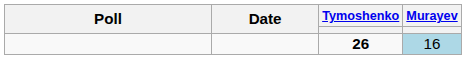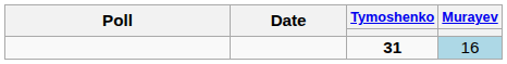 <table class="wikitable" style="text-align:center;font-size:95%;line-height:14px;">
 <tr>
 <th rowspan=2 style="width:200px;">Poll</th>
 <th rowspan=2 style="width:100px;">Date</th>
 <th><small><a href='#'>Tymoshenko</a></small><br></th>
 <th><small><a href='#'>Murayev</a></small><br></th>
 </tr>
 <tr>
 <th style="background:"></th>
 <th style="background:"></th>
 </tr>
 <tr>
 <td></td>
 <td></td>
-<td style="background-color:#"><strong>26</strong></td>
+<td style="background-color:#"><strong>31</strong></td>
 <td style="background: lightblue;">16</td>
 </tr>
 <tr>
 </tr>
 </table>
